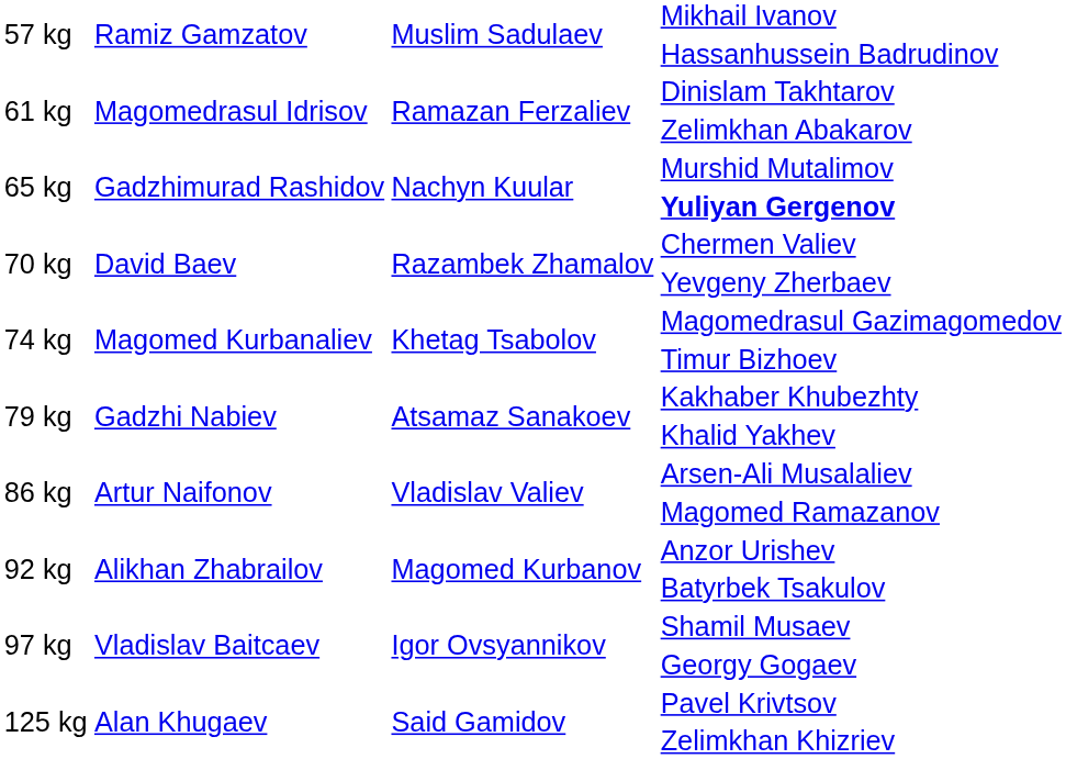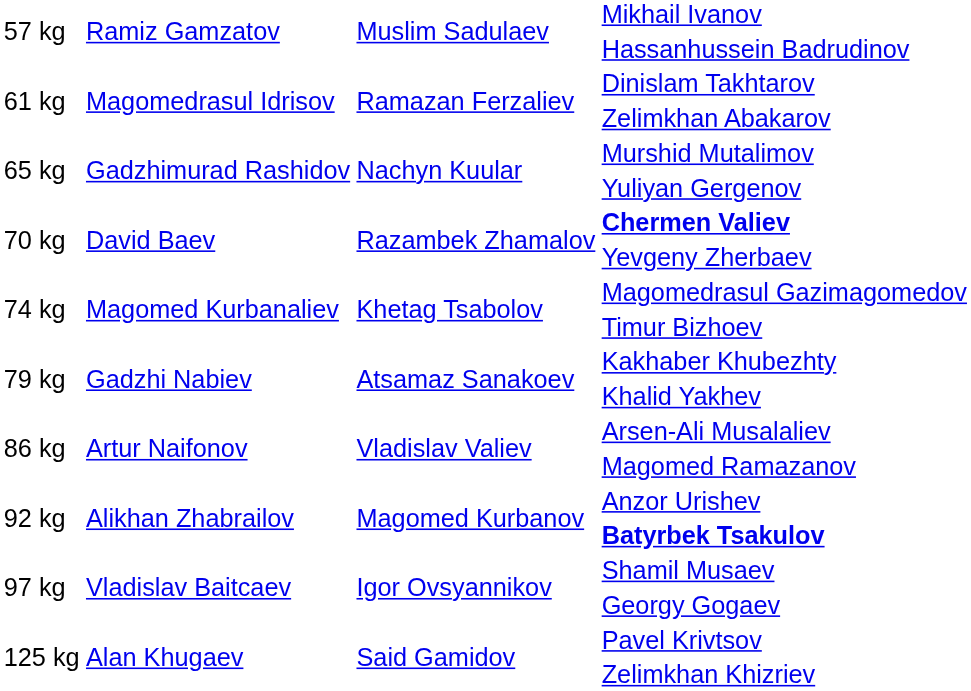 <table>
 <tr>
 <td rowspan=2>57 kg<br></td>
 <td rowspan=2> <a href='#'>Ramiz Gamzatov</a></td>
 <td rowspan=2> <a href='#'>Muslim Sadulaev</a></td>
 <td> <a href='#'>Mikhail Ivanov</a></td>
 </tr>
 <tr>
 <td> <a href='#'>Hassanhussein Badrudinov</a></td>
 </tr>
 <tr>
 <td rowspan=2>61 kg<br></td>
 <td rowspan=2> <a href='#'>Magomedrasul Idrisov</a></td>
 <td rowspan=2> <a href='#'>Ramazan Ferzaliev</a></td>
 <td> <a href='#'>Dinislam Takhtarov</a></td>
 </tr>
 <tr>
 <td> <a href='#'>Zelimkhan Abakarov</a></td>
 </tr>
 <tr>
 <td rowspan=2>65 kg<br></td>
 <td rowspan=2> <a href='#'>Gadzhimurad Rashidov</a></td>
 <td rowspan=2> <a href='#'>Nachyn Kuular</a></td>
 <td> <a href='#'>Murshid Mutalimov</a></td>
 </tr>
 <tr>
-<td><strong> <a href='#'>Yuliyan Gergenov</a></strong></td>
+<td> <a href='#'>Yuliyan Gergenov</a></td>
 </tr>
 <tr>
 <td rowspan=2>70 kg<br></td>
 <td rowspan=2> <a href='#'>David Baev</a></td>
 <td rowspan=2> <a href='#'>Razambek Zhamalov</a></td>
-<td> <a href='#'>Chermen Valiev</a></td>
+<td><strong> <a href='#'>Chermen Valiev</a></strong></td>
 </tr>
 <tr>
 <td><a href='#'>Yevgeny Zherbaev</a></td>
 </tr>
 <tr>
 <td rowspan=2>74 kg<br></td>
 <td rowspan=2> <a href='#'>Magomed Kurbanaliev</a></td>
 <td rowspan=2> <a href='#'>Khetag Tsabolov</a></td>
 <td> <a href='#'>Magomedrasul Gazimagomedov</a></td>
 </tr>
 <tr>
 <td> <a href='#'>Timur Bizhoev</a></td>
 </tr>
 <tr>
 <td rowspan=2>79 kg<br></td>
 <td rowspan=2> <a href='#'>Gadzhi Nabiev</a></td>
 <td rowspan=2> <a href='#'>Atsamaz Sanakoev</a></td>
 <td> <a href='#'>Kakhaber Khubezhty</a></td>
 </tr>
 <tr>
 <td> <a href='#'>Khalid Yakhev</a></td>
 </tr>
 <tr>
 <td rowspan=2>86 kg<br></td>
 <td rowspan=2> <a href='#'>Artur Naifonov</a></td>
 <td rowspan=2> <a href='#'>Vladislav Valiev</a></td>
 <td> <a href='#'>Arsen-Ali Musalaliev</a></td>
 </tr>
 <tr>
 <td> <a href='#'>Magomed Ramazanov</a></td>
 </tr>
 <tr>
 <td rowspan=2>92 kg<br></td>
 <td rowspan=2> <a href='#'>Alikhan Zhabrailov</a></td>
 <td rowspan=2> <a href='#'>Magomed Kurbanov</a></td>
 <td> <a href='#'>Anzor Urishev</a></td>
 </tr>
 <tr>
-<td> <a href='#'>Batyrbek Tsakulov</a></td>
+<td><strong> <a href='#'>Batyrbek Tsakulov</a></strong></td>
 </tr>
 <tr>
 <td rowspan=2>97 kg<br></td>
 <td rowspan=2> <a href='#'>Vladislav Baitcaev</a></td>
 <td rowspan=2> <a href='#'>Igor Ovsyannikov</a></td>
 <td> <a href='#'>Shamil Musaev</a></td>
 </tr>
 <tr>
 <td> <a href='#'>Georgy Gogaev</a></td>
 </tr>
 <tr>
 <td rowspan=2>125 kg<br></td>
 <td rowspan=2> <a href='#'>Alan Khugaev</a></td>
 <td rowspan=2> <a href='#'>Said Gamidov</a></td>
 <td> <a href='#'>Pavel Krivtsov</a></td>
 </tr>
 <tr>
 <td> <a href='#'>Zelimkhan Khizriev</a></td>
 </tr>
 </table>
